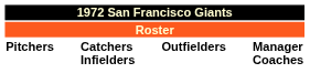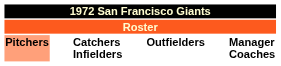 <table class="toccolours" style="font-size: 95%;">
 <tr>
 <th colspan="10" style="background-color: black; color: #FFFDD0; text-align: center;">1972 San Francisco Giants</th>
 </tr>
 <tr>
 <td colspan="10" style="background-color: #fd5a1e; color: #FFFDD0; text-align: center;"><strong>Roster</strong></td>
 </tr>
 <tr>
-<td valign="top"><strong>Pitchers</strong><br>              </td>
+<td valign="top" style="background: lightsalmon;"><strong>Pitchers</strong><br>              </td>
 <td width="25px"></td>
 <td valign="top"><strong>Catchers</strong><br>   <strong>Infielders</strong>          </td>
 <td width="25px"></td>
 <td valign="top"><strong>Outfielders</strong><br>       </td>
 <td width="25px"></td>
 <td valign="top"><strong>Manager</strong><br> <strong>Coaches</strong>     </td>
 </tr>
 <tr>
 </tr>
 </table>
